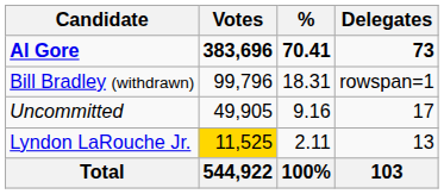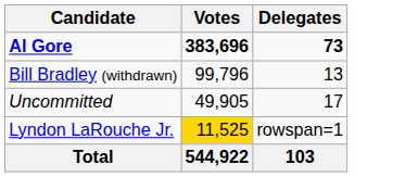 <table class="wikitable sortable" style="text-align:right;">
 <tr>
 <th>Candidate</th>
 <th>Votes</th>
-<th>%</th>
 <th>Delegates</th>
 </tr>
 <tr>
 <td style="text-align:left;" data-sort-value="Gore, Al"><strong><a href='#'>Al Gore</a></strong></td>
 <td><strong>383,696</strong></td>
-<td><strong>70.41</strong></td>
 <td><strong>73</strong></td>
 </tr>
 <tr>
 <td style="text-align:left;" data-sort-value="Bradley, Bill"><a href='#'>Bill Bradley</a> <small>(withdrawn)</small></td>
 <td>99,796</td>
-<td>18.31</td>
-<td>rowspan=1 </td>
+<td>13</td>
 </tr>
 <tr>
 <td style="text-align:left;" data-sort-value="ZZZ"><em>Uncommitted</em></td>
 <td>49,905</td>
-<td>9.16</td>
 <td>17</td>
 </tr>
 <tr>
 <td style="text-align:left;" data-sort-value="LaRouche Jr., Lyndon"><a href='#'>Lyndon LaRouche Jr.</a></td>
 <td style="background: gold;">11,525</td>
-<td>2.11</td>
-<td>13</td>
+<td>rowspan=1 </td>
 </tr>
 <tr>
 <th>Total</th>
 <th>544,922</th>
-<th>100%</th>
 <th>103</th>
 </tr>
 </table>
